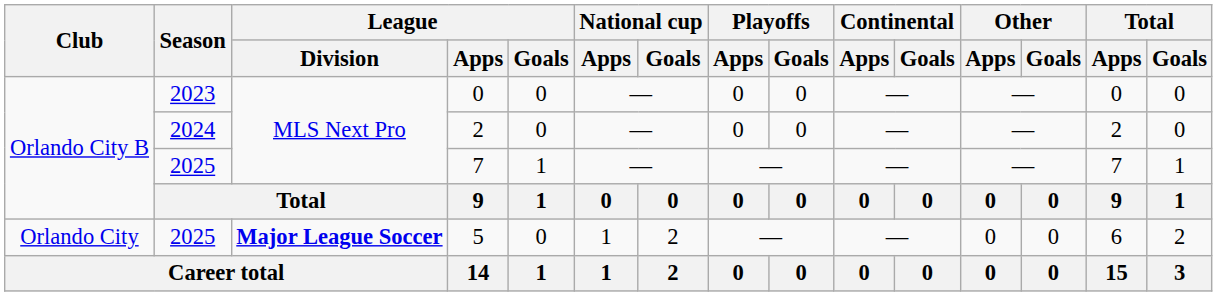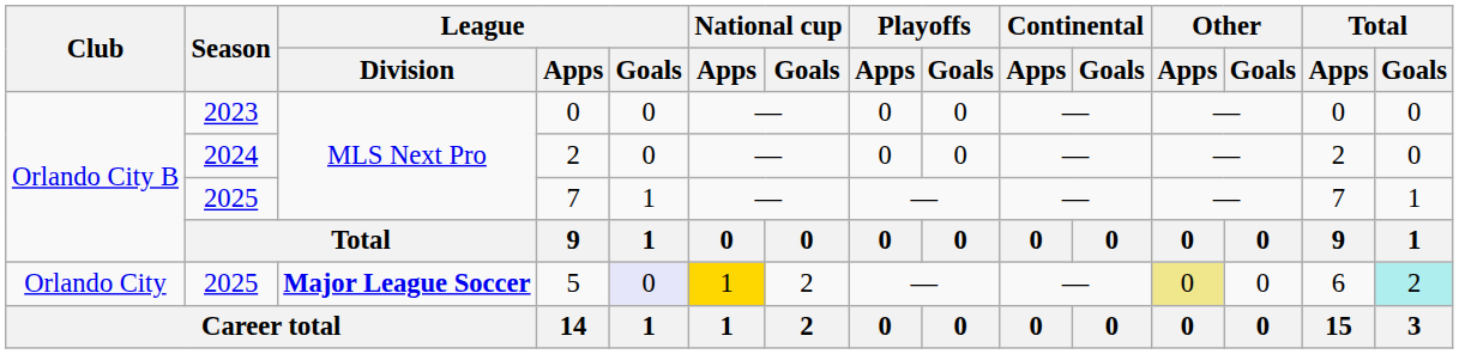 <table class="wikitable" style="text-align:center">
 <tr>
 <th rowspan="2">Club</th>
 <th rowspan="2">Season</th>
 <th colspan="3">League</th>
 <th colspan="2">National cup</th>
 <th colspan="2">Playoffs</th>
 <th colspan="2">Continental</th>
 <th colspan="2">Other</th>
 <th colspan="2">Total</th>
 </tr>
 <tr>
 <th>Division</th>
 <th>Apps</th>
 <th>Goals</th>
 <th>Apps</th>
 <th>Goals</th>
 <th>Apps</th>
 <th>Goals</th>
 <th>Apps</th>
 <th>Goals</th>
 <th>Apps</th>
 <th>Goals</th>
 <th>Apps</th>
 <th>Goals</th>
 </tr>
 <tr>
 <td rowspan="4"><a href='#'>Orlando City B</a></td>
 <td><a href='#'>2023</a></td>
 <td rowspan="3"><a href='#'>MLS Next Pro</a></td>
 <td>0</td>
 <td>0</td>
 <td colspan="2">—</td>
 <td>0</td>
 <td>0</td>
 <td colspan="2">—</td>
 <td colspan="2">—</td>
 <td>0</td>
 <td>0</td>
 </tr>
 <tr>
 <td><a href='#'>2024</a></td>
 <td>2</td>
 <td>0</td>
 <td colspan="2">—</td>
 <td>0</td>
 <td>0</td>
 <td colspan="2">—</td>
 <td colspan="2">—</td>
 <td>2</td>
 <td>0</td>
 </tr>
 <tr>
 <td><a href='#'>2025</a></td>
 <td>7</td>
 <td>1</td>
 <td colspan="2">—</td>
 <td colspan="2">—</td>
 <td colspan="2">—</td>
 <td colspan="2">—</td>
 <td>7</td>
 <td>1</td>
 </tr>
 <tr>
 <th colspan="2">Total</th>
 <th>9</th>
 <th>1</th>
 <th>0</th>
 <th>0</th>
 <th>0</th>
 <th>0</th>
 <th>0</th>
 <th>0</th>
 <th>0</th>
 <th>0</th>
 <th>9</th>
 <th>1</th>
 </tr>
 <tr>
 <td><a href='#'>Orlando City</a></td>
 <td><a href='#'>2025</a></td>
 <td><strong><a href='#'>Major League Soccer</a></strong></td>
 <td>5</td>
-<td>0</td>
-<td>1</td>
+<td style="background: lavender;">0</td>
+<td style="background: gold;">1</td>
 <td>2</td>
 <td colspan="2">—</td>
 <td colspan="2">—</td>
-<td>0</td>
+<td style="background: khaki;">0</td>
 <td>0</td>
 <td>6</td>
-<td>2</td>
+<td style="background: paleturquoise;">2</td>
 </tr>
 <tr>
 <th colspan="3">Career total</th>
 <th>14</th>
 <th>1</th>
 <th>1</th>
 <th>2</th>
 <th>0</th>
 <th>0</th>
 <th>0</th>
 <th>0</th>
 <th>0</th>
 <th>0</th>
 <th>15</th>
 <th>3</th>
 </tr>
 </table>
